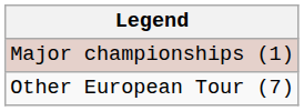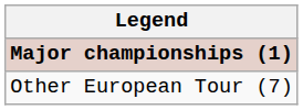 <table class="wikitable" style="font-size:95%;">
 <tr>
 <th>Legend</th>
 </tr>
 <tr style="background:#e5d1cb;">
-<td>Major championships (1)</td>
+<td><strong>Major championships (1)</strong></td>
 </tr>
 <tr>
 <td>Other European Tour (7)</td>
 </tr>
 </table>
